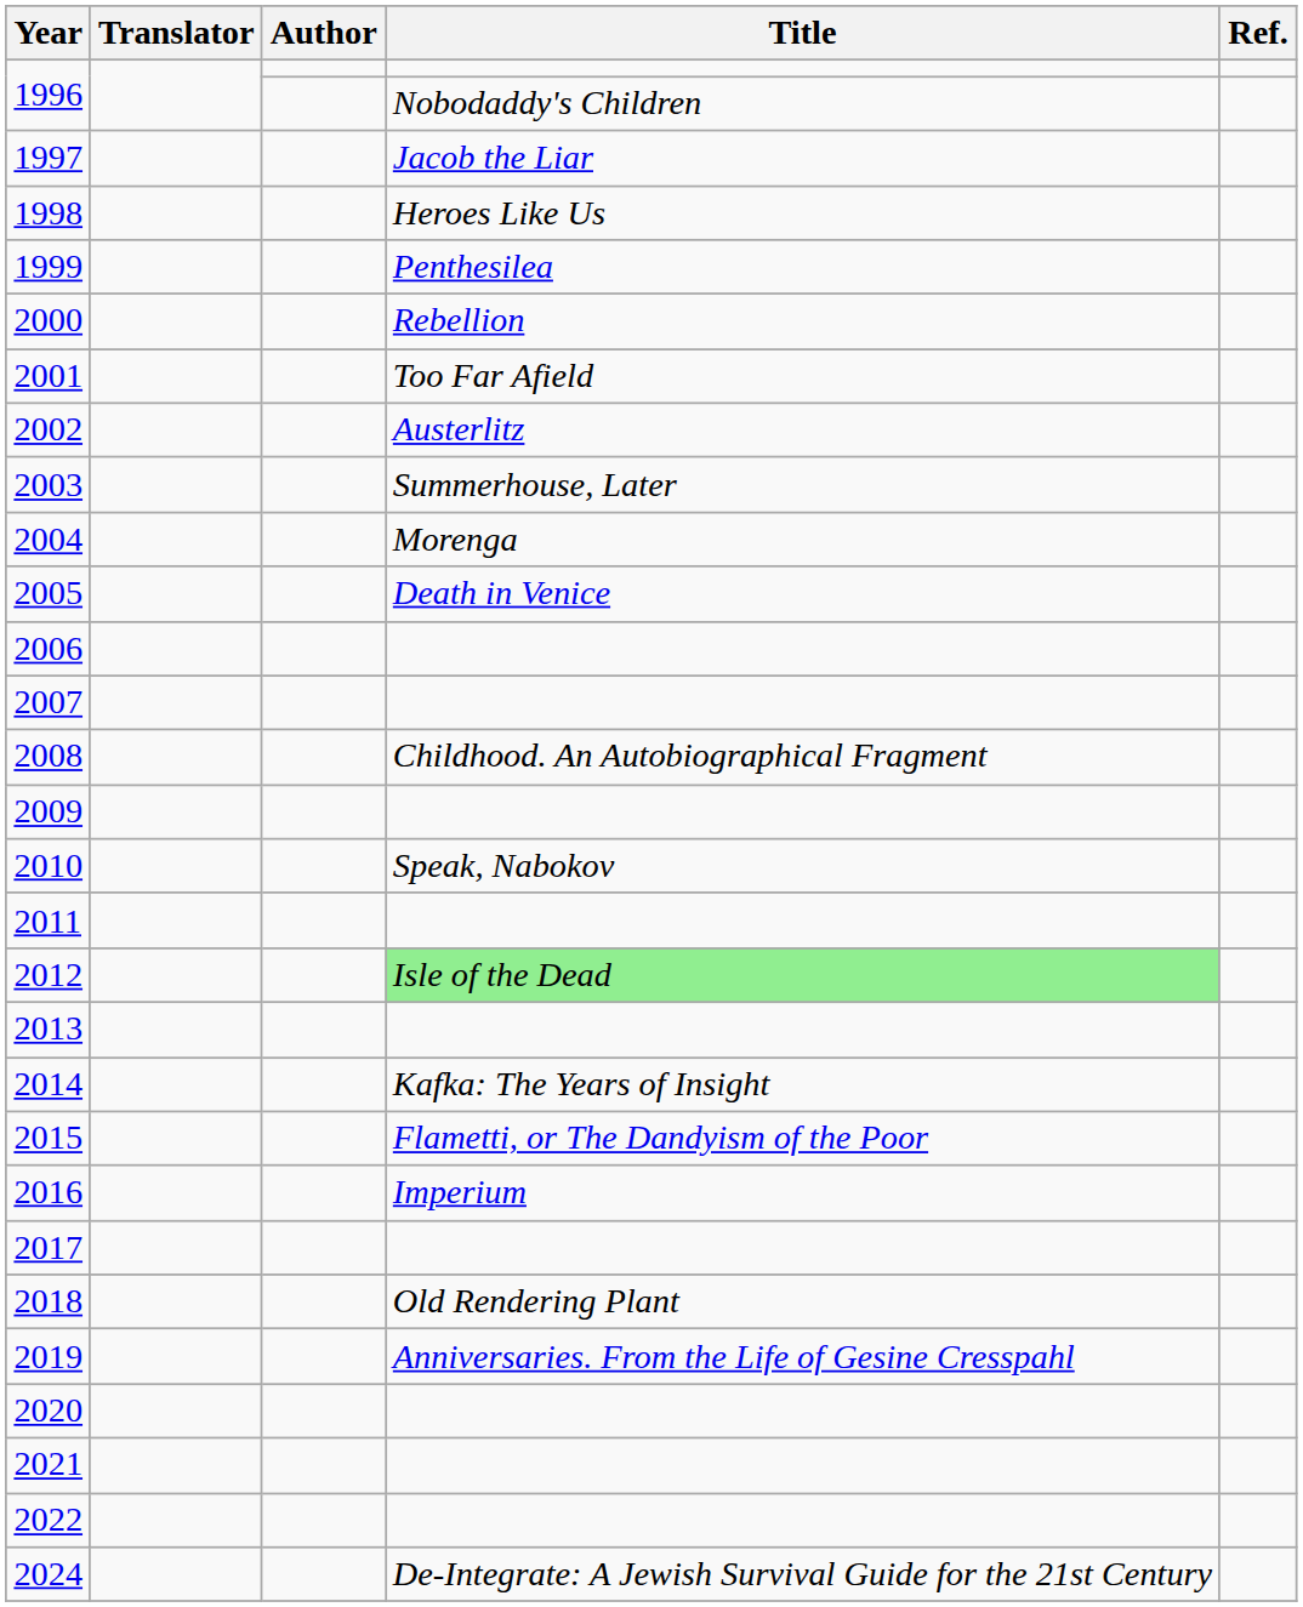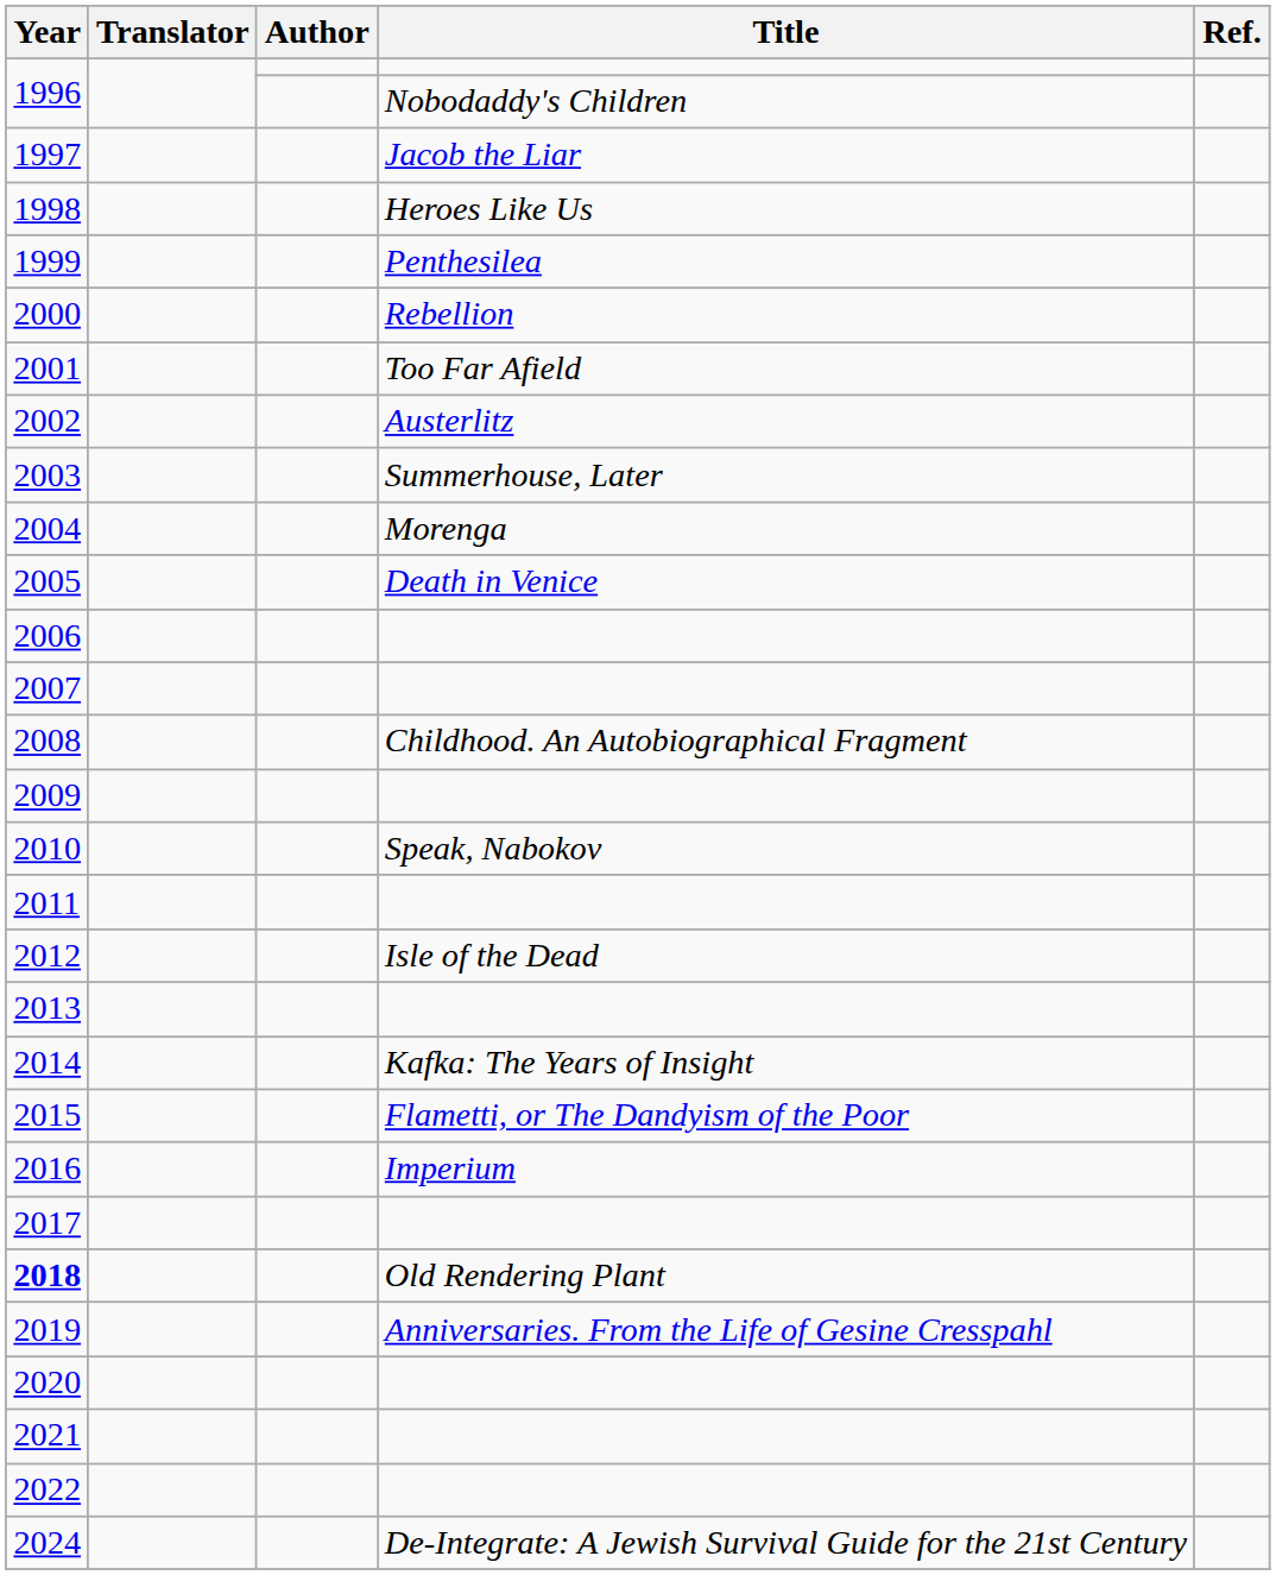 <table class="wikitable sortable mw-collapsible">
 <tr>
 <th>Year</th>
 <th>Translator</th>
 <th>Author</th>
 <th>Title</th>
 <th>Ref.</th>
 </tr>
 <tr>
 <td rowspan="2"><a href='#'>1996</a></td>
 <td rowspan="2"></td>
 <td></td>
 <td><em></em></td>
 <td></td>
 </tr>
 <tr>
 <td></td>
 <td><em>Nobodaddy's Children</em></td>
 <td></td>
 </tr>
 <tr>
 <td><a href='#'>1997</a></td>
 <td></td>
 <td></td>
 <td><em><a href='#'>Jacob the Liar</a></em></td>
 <td></td>
 </tr>
 <tr>
 <td><a href='#'>1998</a></td>
 <td></td>
 <td></td>
 <td><em>Heroes Like Us</em></td>
 <td></td>
 </tr>
 <tr>
 <td><a href='#'>1999</a></td>
 <td></td>
 <td></td>
 <td><em><a href='#'>Penthesilea</a></em></td>
 <td></td>
 </tr>
 <tr>
 <td><a href='#'>2000</a></td>
 <td></td>
 <td></td>
 <td><em><a href='#'>Rebellion</a></em></td>
 <td></td>
 </tr>
 <tr>
 <td><a href='#'>2001</a></td>
 <td></td>
 <td></td>
 <td><em>Too Far Afield</em></td>
 <td></td>
 </tr>
 <tr>
 <td><a href='#'>2002</a></td>
 <td></td>
 <td></td>
 <td><em><a href='#'>Austerlitz</a></em></td>
 <td></td>
 </tr>
 <tr>
 <td><a href='#'>2003</a></td>
 <td></td>
 <td></td>
 <td><em>Summerhouse, Later</em></td>
 <td></td>
 </tr>
 <tr>
 <td><a href='#'>2004</a></td>
 <td></td>
 <td></td>
 <td><em>Morenga</em></td>
 <td></td>
 </tr>
 <tr>
 <td><a href='#'>2005</a></td>
 <td></td>
 <td></td>
 <td><em><a href='#'>Death in Venice</a></em></td>
 <td></td>
 </tr>
 <tr>
 <td><a href='#'>2006</a></td>
 <td></td>
 <td></td>
 <td><em></em></td>
 <td></td>
 </tr>
 <tr>
 <td><a href='#'>2007</a></td>
 <td></td>
 <td></td>
 <td><em></em></td>
 <td></td>
 </tr>
 <tr>
 <td><a href='#'>2008</a></td>
 <td></td>
 <td></td>
 <td><em>Childhood. An Autobiographical Fragment</em></td>
 <td></td>
 </tr>
 <tr>
 <td><a href='#'>2009</a></td>
 <td></td>
 <td></td>
 <td><em></em></td>
 <td></td>
 </tr>
 <tr>
 <td><a href='#'>2010</a></td>
 <td></td>
 <td></td>
 <td><em>Speak, Nabokov</em></td>
 <td></td>
 </tr>
 <tr>
 <td><a href='#'>2011</a></td>
 <td></td>
 <td></td>
 <td><em></em></td>
 <td></td>
 </tr>
 <tr>
 <td><a href='#'>2012</a></td>
 <td></td>
 <td></td>
-<td style="background: lightgreen;"><em>Isle of the Dead</em></td>
+<td><em>Isle of the Dead</em></td>
 <td></td>
 </tr>
 <tr>
 <td><a href='#'>2013</a></td>
 <td></td>
 <td></td>
 <td><em></em></td>
 <td></td>
 </tr>
 <tr>
 <td><a href='#'>2014</a></td>
 <td></td>
 <td></td>
 <td><em>Kafka: The Years of Insight</em></td>
 <td></td>
 </tr>
 <tr>
 <td><a href='#'>2015</a></td>
 <td></td>
 <td></td>
 <td><em><a href='#'>Flametti, or The Dandyism of the Poor</a></em></td>
 <td></td>
 </tr>
 <tr>
 <td><a href='#'>2016</a></td>
 <td></td>
 <td></td>
 <td><em><a href='#'>Imperium</a></em></td>
 <td></td>
 </tr>
 <tr>
 <td><a href='#'>2017</a></td>
 <td></td>
 <td></td>
 <td><em></em></td>
 <td></td>
 </tr>
 <tr>
-<td><a href='#'>2018</a></td>
+<td><strong><a href='#'>2018</a></strong></td>
 <td></td>
 <td></td>
 <td><em>Old Rendering Plant</em></td>
 <td></td>
 </tr>
 <tr>
 <td><a href='#'>2019</a></td>
 <td></td>
 <td></td>
 <td><em><a href='#'>Anniversaries. From the Life of Gesine Cresspahl</a></em></td>
 <td></td>
 </tr>
 <tr>
 <td><a href='#'>2020</a></td>
 <td></td>
 <td></td>
 <td><em></em></td>
 <td></td>
 </tr>
 <tr>
 <td><a href='#'>2021</a></td>
 <td></td>
 <td></td>
 <td><em></em></td>
 <td></td>
 </tr>
 <tr>
 <td><a href='#'>2022</a></td>
 <td></td>
 <td></td>
 <td><em></em></td>
 <td></td>
 </tr>
 <tr>
 <td><a href='#'>2024</a></td>
 <td></td>
 <td></td>
 <td><em>De-Integrate: A Jewish Survival Guide for the 21st Century</em></td>
 <td></td>
 </tr>
 </table>
